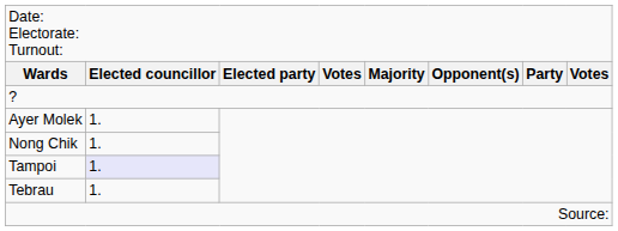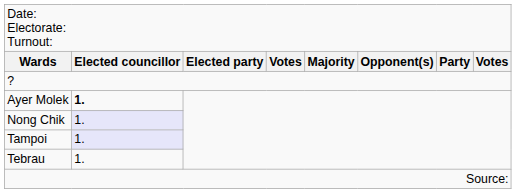 <table class=wikitable>
 <tr>
 <td colspan=8>Date: <br>Electorate: <br>Turnout:</td>
 </tr>
 <tr>
 <th>Wards</th>
 <th>Elected councillor</th>
 <th>Elected party</th>
 <th>Votes</th>
 <th>Majority</th>
 <th>Opponent(s)</th>
 <th>Party</th>
 <th>Votes</th>
 </tr>
 <tr>
 <td colspan=8>?</td>
 </tr>
 <tr>
 <td>Ayer Molek</td>
-<td>1.</td>
+<td><strong>1.</strong></td>
 </tr>
 <tr>
 <td>Nong Chik</td>
-<td>1.</td>
+<td style="background: lavender;">1.</td>
 </tr>
 <tr>
 <td>Tampoi</td>
 <td style="background: lavender;">1.</td>
 </tr>
 <tr>
 <td>Tebrau</td>
 <td>1.</td>
 </tr>
 <tr>
 <td colspan=8 align=right>Source:</td>
 </tr>
 </table>
